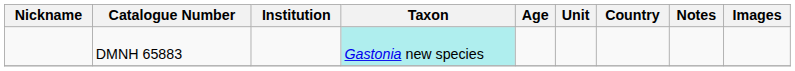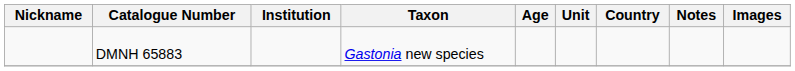 <table class="wikitable sortable" align="center" width="100%">
 <tr>
 <th>Nickname</th>
 <th>Catalogue Number</th>
 <th>Institution</th>
 <th>Taxon</th>
 <th>Age</th>
 <th>Unit</th>
 <th>Country</th>
 <th>Notes</th>
 <th>Images</th>
 </tr>
 <tr>
 <td></td>
 <td><br>DMNH 65883</td>
 <td></td>
-<td style="background: paleturquoise;"><br><em><a href='#'>Gastonia</a></em> new species</td>
+<td><br><em><a href='#'>Gastonia</a></em> new species</td>
 <td></td>
 <td></td>
 <td></td>
 <td></td>
 <td></td>
 </tr>
 <tr>
 </tr>
 </table>
